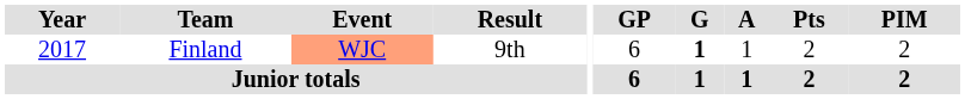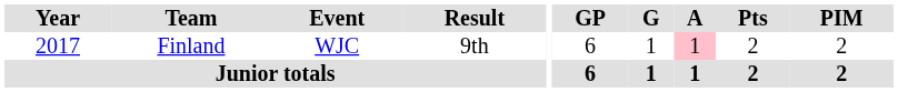 <table border="0" cellpadding="1" cellspacing="0" ID="Table3" style="text-align:center; width:40em">
 <tr ALIGN="center" bgcolor="#e0e0e0">
 <th>Year</th>
 <th>Team</th>
 <th>Event</th>
 <th>Result</th>
 <th rowspan="99" bgcolor="#ffffff"></th>
 <th>GP</th>
 <th>G</th>
 <th>A</th>
 <th>Pts</th>
 <th>PIM</th>
 </tr>
 <tr>
 <td><a href='#'>2017</a></td>
 <td><a href='#'>Finland</a></td>
-<td style="background: lightsalmon;"><a href='#'>WJC</a></td>
+<td><a href='#'>WJC</a></td>
 <td>9th</td>
 <td>6</td>
-<td><strong>1</strong></td>
 <td>1</td>
+<td style="background: pink;">1</td>
 <td>2</td>
 <td>2</td>
 </tr>
 <tr bgcolor="#e0e0e0">
 <th colspan="4">Junior totals</th>
 <th>6</th>
 <th>1</th>
 <th>1</th>
 <th>2</th>
 <th>2</th>
 </tr>
 </table>
